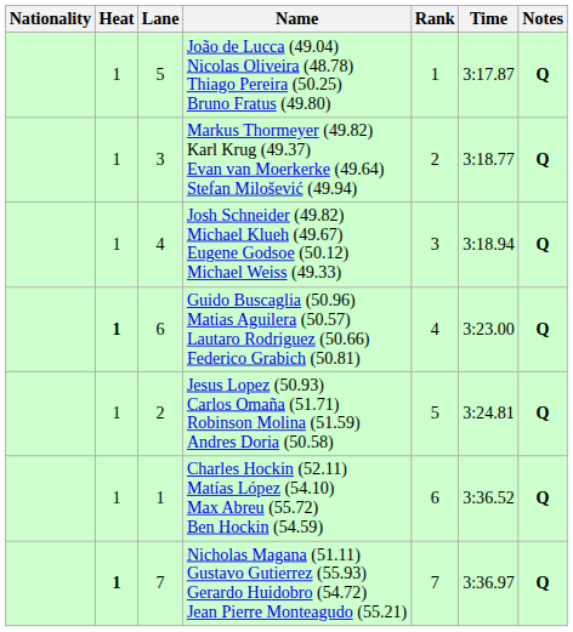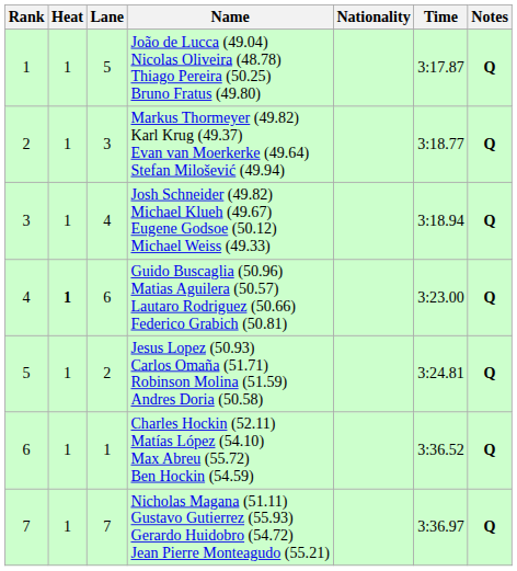 <table class="wikitable sortable" style="text-align:center">
 <tr>
-<th>Nationality</th>
+<th>Rank</th>
 <th>Heat</th>
 <th>Lane</th>
 <th>Name</th>
-<th>Rank</th>
+<th>Nationality</th>
 <th>Time</th>
 <th>Notes</th>
 </tr>
 <tr bgcolor=ccffcc>
-<td align=left></td>
+<td>1</td>
 <td>1</td>
 <td>5</td>
 <td align=left><a href='#'>João de Lucca</a> (49.04)<br><a href='#'>Nicolas Oliveira</a> (48.78)<br><a href='#'>Thiago Pereira</a> (50.25)<br><a href='#'>Bruno Fratus</a> (49.80)</td>
-<td>1</td>
+<td align=left></td>
 <td>3:17.87</td>
 <td><strong>Q</strong></td>
 </tr>
 <tr bgcolor=ccffcc>
-<td align=left></td>
+<td>2</td>
 <td>1</td>
 <td>3</td>
 <td align=left><a href='#'>Markus Thormeyer</a> (49.82)<br>Karl Krug (49.37)<br><a href='#'>Evan van Moerkerke</a> (49.64)<br><a href='#'>Stefan Milošević</a> (49.94)</td>
-<td>2</td>
+<td align=left></td>
 <td>3:18.77</td>
 <td><strong>Q</strong></td>
 </tr>
 <tr bgcolor=ccffcc>
-<td align=left></td>
+<td>3</td>
 <td>1</td>
 <td>4</td>
 <td align=left><a href='#'>Josh Schneider</a> (49.82)<br><a href='#'>Michael Klueh</a> (49.67)<br><a href='#'>Eugene Godsoe</a> (50.12)<br><a href='#'>Michael Weiss</a> (49.33)</td>
-<td>3</td>
+<td align=left></td>
 <td>3:18.94</td>
 <td><strong>Q</strong></td>
 </tr>
 <tr bgcolor=ccffcc>
-<td align=left></td>
+<td>4</td>
 <td><strong>1</strong></td>
 <td>6</td>
 <td align=left><a href='#'>Guido Buscaglia</a> (50.96)<br><a href='#'>Matias Aguilera</a> (50.57)<br><a href='#'>Lautaro Rodriguez</a> (50.66)<br><a href='#'>Federico Grabich</a> (50.81)</td>
-<td>4</td>
+<td align=left></td>
 <td>3:23.00</td>
 <td><strong>Q</strong></td>
 </tr>
 <tr bgcolor=ccffcc>
-<td align=left></td>
+<td>5</td>
 <td>1</td>
 <td>2</td>
 <td align=left><a href='#'>Jesus Lopez</a> (50.93)<br><a href='#'>Carlos Omaña</a> (51.71)<br><a href='#'>Robinson Molina</a> (51.59)<br><a href='#'>Andres Doria</a> (50.58)</td>
-<td>5</td>
+<td align=left></td>
 <td>3:24.81</td>
 <td><strong>Q</strong></td>
 </tr>
 <tr bgcolor=ccffcc>
-<td align=left></td>
+<td>6</td>
 <td>1</td>
 <td>1</td>
 <td align=left><a href='#'>Charles Hockin</a> (52.11)<br><a href='#'>Matías López</a> (54.10)<br><a href='#'>Max Abreu</a> (55.72)<br><a href='#'>Ben Hockin</a> (54.59)</td>
-<td>6</td>
+<td align=left></td>
 <td>3:36.52</td>
 <td><strong>Q</strong></td>
 </tr>
 <tr bgcolor=ccffcc>
-<td align=left></td>
-<td><strong>1</strong></td>
+<td>7</td>
+<td>1</td>
 <td>7</td>
 <td align=left><a href='#'>Nicholas Magana</a> (51.11)<br><a href='#'>Gustavo Gutierrez</a> (55.93)<br><a href='#'>Gerardo Huidobro</a> (54.72)<br><a href='#'>Jean Pierre Monteagudo</a> (55.21)</td>
-<td>7</td>
+<td align=left></td>
 <td>3:36.97</td>
 <td><strong>Q</strong></td>
 </tr>
 </table>
